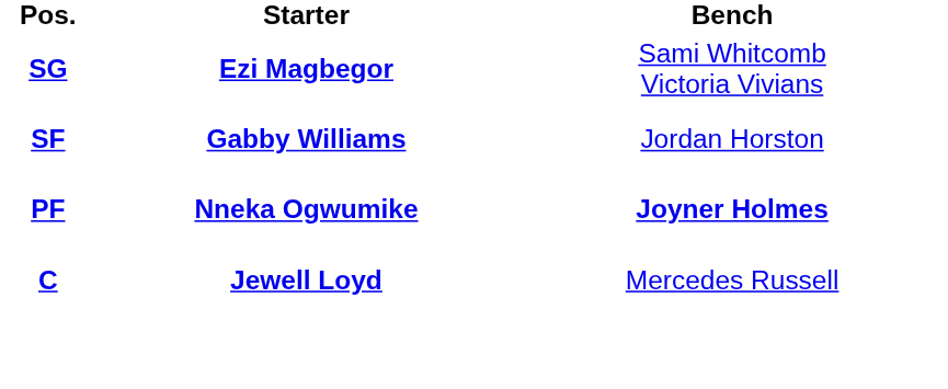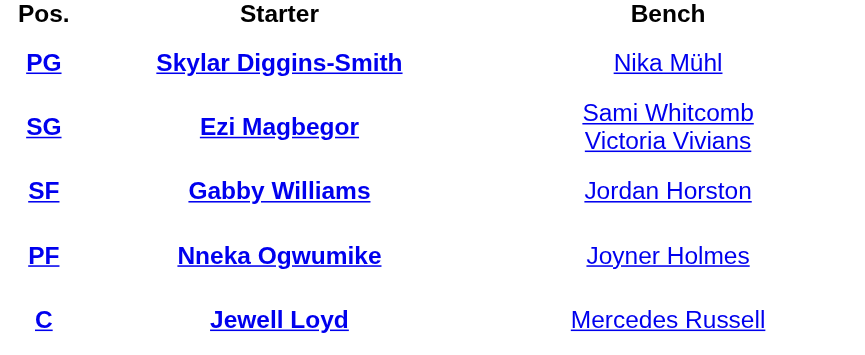 <table style="text-align:center; ">
 <tr>
 <th width="50">Pos.</th>
 <th width="250">Starter</th>
 <th width="250">Bench</th>
+</tr>
+<tr style="height:40px; background:white; color:#092C57">
+<th><a href='#'><span>PG</span></a></th>
+<td><strong><a href='#'>Skylar Diggins-Smith</a></strong></td>
+<td><a href='#'>Nika Mühl</a></td>
 </tr>
 <tr style="height:40px; background:white; color:#092C57">
 <th><a href='#'><span>SG</span></a></th>
 <td><strong><a href='#'>Ezi Magbegor</a></strong></td>
 <td><a href='#'>Sami Whitcomb</a><br><a href='#'>Victoria Vivians</a></td>
 </tr>
 <tr style="height:40px; background:white; color:#092C57">
 <th><a href='#'><span>SF</span></a></th>
 <td><strong><a href='#'>Gabby Williams</a></strong></td>
 <td><a href='#'>Jordan Horston</a></td>
 </tr>
 <tr style="height:40px; background:white; color:#092C57">
 <th><a href='#'><span>PF</span></a></th>
 <td><strong><a href='#'>Nneka Ogwumike</a></strong></td>
-<td><strong><a href='#'>Joyner Holmes</a></strong></td>
+<td><a href='#'>Joyner Holmes</a></td>
 </tr>
 <tr style="height:40px; background:white; color:#092C57">
 <th><a href='#'><span>C</span></a></th>
 <td><strong><a href='#'>Jewell Loyd</a></strong></td>
 <td><a href='#'>Mercedes Russell</a></td>
 </tr>
 </table>
